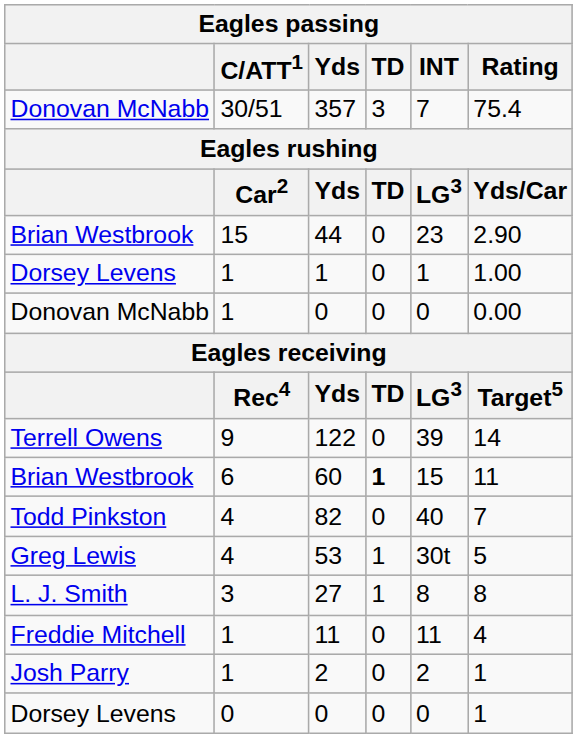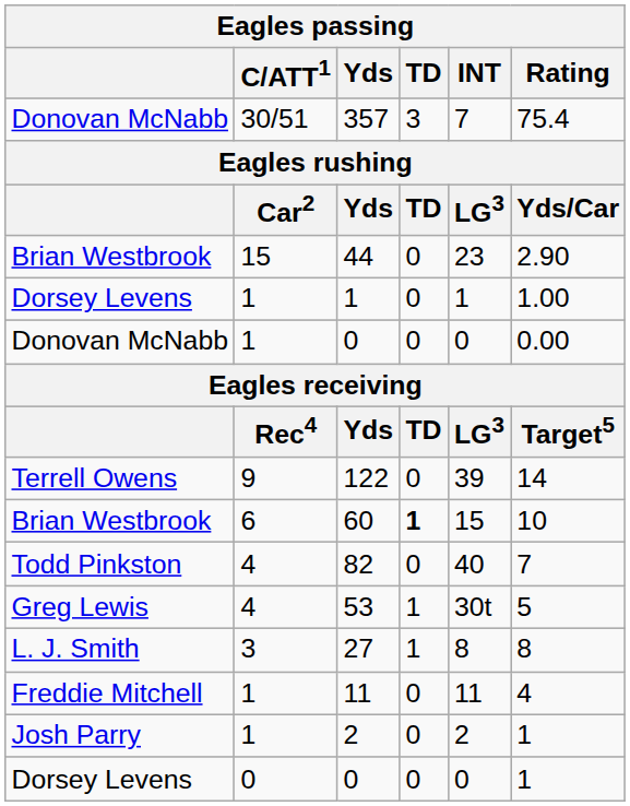 <table class="wikitable">
 <tr>
 <th colspan="6">Eagles passing</th>
 </tr>
 <tr>
 <th></th>
 <th>C/ATT<sup>1</sup></th>
 <th>Yds</th>
 <th>TD</th>
 <th>INT</th>
 <th>Rating</th>
 </tr>
 <tr>
 <td><a href='#'>Donovan McNabb</a></td>
 <td>30/51</td>
 <td>357</td>
 <td>3</td>
 <td>7</td>
 <td>75.4</td>
 </tr>
 <tr>
 <th colspan="6">Eagles rushing</th>
 </tr>
 <tr>
 <th></th>
 <th>Car<sup>2</sup></th>
 <th>Yds</th>
 <th>TD</th>
 <th>LG<sup>3</sup></th>
 <th>Yds/Car</th>
 </tr>
 <tr>
 <td><a href='#'>Brian Westbrook</a></td>
 <td>15</td>
 <td>44</td>
 <td>0</td>
 <td>23</td>
 <td>2.90</td>
 </tr>
 <tr>
 <td><a href='#'>Dorsey Levens</a></td>
 <td>1</td>
 <td>1</td>
 <td>0</td>
 <td>1</td>
 <td>1.00</td>
 </tr>
 <tr>
 <td>Donovan McNabb</td>
 <td>1</td>
 <td>0</td>
 <td>0</td>
 <td>0</td>
 <td>0.00</td>
 </tr>
 <tr>
 <th colspan="6">Eagles receiving</th>
 </tr>
 <tr>
 <th></th>
 <th>Rec<sup>4</sup></th>
 <th>Yds</th>
 <th>TD</th>
 <th>LG<sup>3</sup></th>
 <th>Target<sup>5</sup></th>
 </tr>
 <tr>
 <td><a href='#'>Terrell Owens</a></td>
 <td>9</td>
 <td>122</td>
 <td>0</td>
 <td>39</td>
 <td>14</td>
 </tr>
 <tr>
 <td><a href='#'>Brian Westbrook</a></td>
 <td>6</td>
 <td>60</td>
 <td><strong>1</strong></td>
 <td>15</td>
-<td>11</td>
+<td>10</td>
 </tr>
 <tr>
 <td><a href='#'>Todd Pinkston</a></td>
 <td>4</td>
 <td>82</td>
 <td>0</td>
 <td>40</td>
 <td>7</td>
 </tr>
 <tr>
 <td><a href='#'>Greg Lewis</a></td>
 <td>4</td>
 <td>53</td>
 <td>1</td>
 <td>30t</td>
 <td>5</td>
 </tr>
 <tr>
 <td><a href='#'>L. J. Smith</a></td>
 <td>3</td>
 <td>27</td>
 <td>1</td>
 <td>8</td>
 <td>8</td>
 </tr>
 <tr>
 <td><a href='#'>Freddie Mitchell</a></td>
 <td>1</td>
 <td>11</td>
 <td>0</td>
 <td>11</td>
 <td>4</td>
 </tr>
 <tr>
 <td><a href='#'>Josh Parry</a></td>
 <td>1</td>
 <td>2</td>
 <td>0</td>
 <td>2</td>
 <td>1</td>
 </tr>
 <tr>
 <td>Dorsey Levens</td>
 <td>0</td>
 <td>0</td>
 <td>0</td>
 <td>0</td>
 <td>1</td>
 </tr>
 </table>
